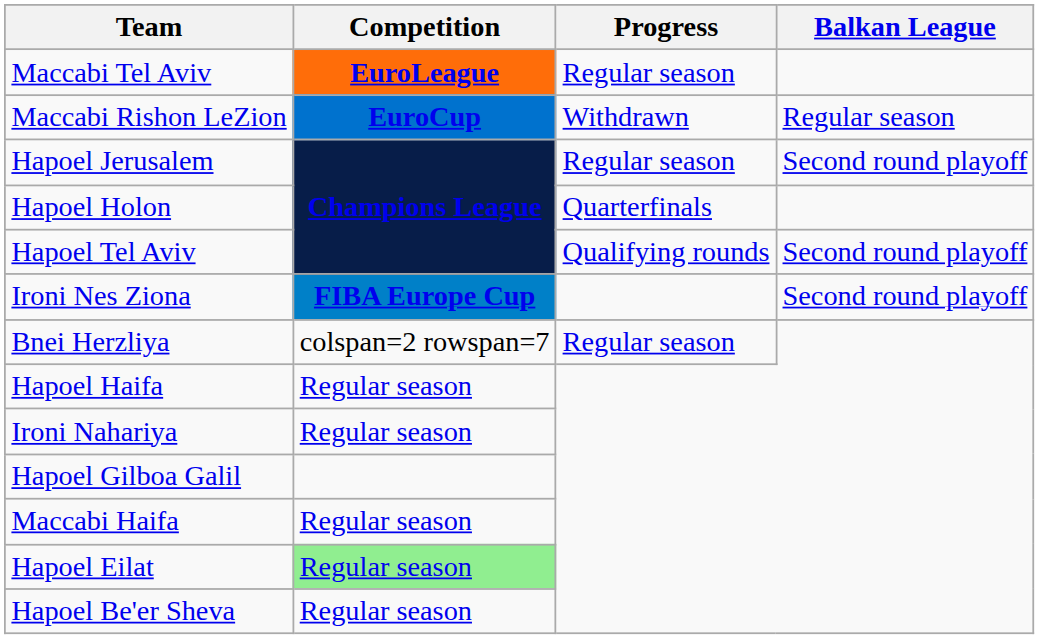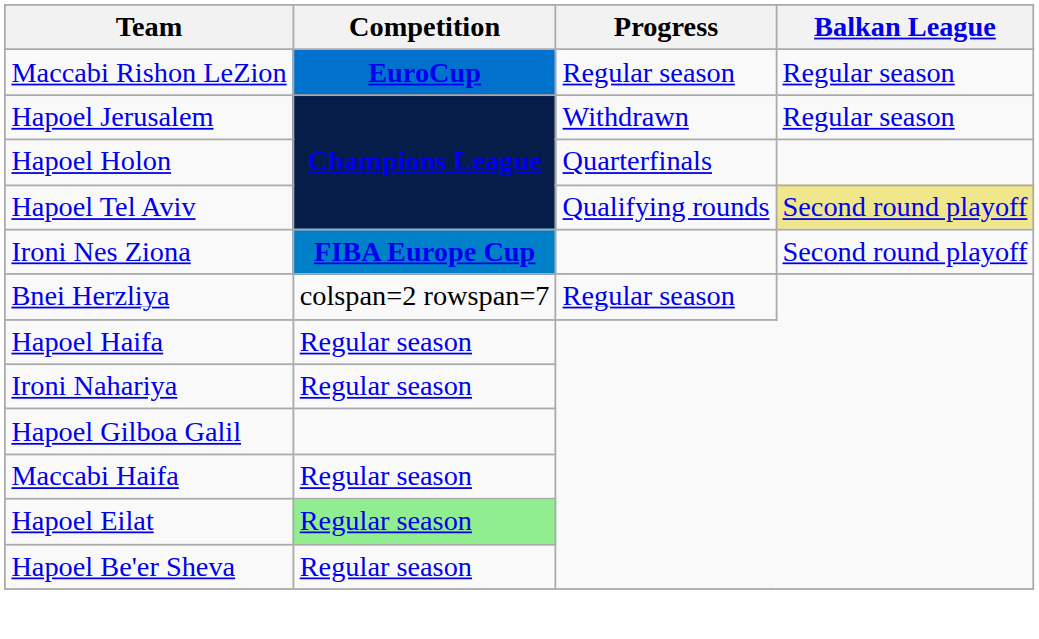 <table class="wikitable sortable">
 <tr>
 <th>Team</th>
 <th>Competition</th>
 <th>Progress</th>
 <th><a href='#'>Balkan League</a></th>
 </tr>
 <tr>
-<td><a href='#'>Maccabi Tel Aviv</a></td>
-<td bgcolor=#ff6d09 align=center><strong><a href='#'><span>EuroLeague</span></a></strong></td>
-<td><a href='#'>Regular season</a></td>
-<td></td>
-</tr>
-<tr>
 <td><a href='#'>Maccabi Rishon LeZion</a></td>
 <td bgcolor=#0072CE align=center><strong><a href='#'><span>EuroCup</span></a></strong></td>
-<td><a href='#'>Withdrawn</a></td>
+<td><a href='#'>Regular season</a></td>
 <td><a href='#'>Regular season</a></td>
 </tr>
 <tr>
 <td><a href='#'>Hapoel Jerusalem</a></td>
 <td rowspan=3 bgcolor=#071D49 align=center><strong><a href='#'><span>Champions League</span></a></strong></td>
+<td><a href='#'>Withdrawn</a></td>
 <td><a href='#'>Regular season</a></td>
-<td><a href='#'>Second round playoff</a></td>
 </tr>
 <tr>
 <td><a href='#'>Hapoel Holon</a></td>
 <td><a href='#'>Quarterfinals</a></td>
 <td></td>
 </tr>
 <tr>
 <td><a href='#'>Hapoel Tel Aviv</a></td>
 <td><a href='#'>Qualifying rounds</a></td>
-<td><a href='#'>Second round playoff</a></td>
+<td style="background: khaki;"><a href='#'>Second round playoff</a></td>
 </tr>
 <tr>
 <td><a href='#'>Ironi Nes Ziona</a></td>
 <td bgcolor=#0080C8 align=center><strong><a href='#'><span>FIBA Europe Cup</span></a></strong></td>
 <td></td>
 <td><a href='#'>Second round playoff</a></td>
 </tr>
 <tr>
 <td><a href='#'>Bnei Herzliya</a></td>
 <td>colspan=2 rowspan=7 </td>
 <td><a href='#'>Regular season</a></td>
 </tr>
 <tr>
 <td><a href='#'>Hapoel Haifa</a></td>
 <td><a href='#'>Regular season</a></td>
 </tr>
 <tr>
 <td><a href='#'>Ironi Nahariya</a></td>
 <td><a href='#'>Regular season</a></td>
 </tr>
 <tr>
 <td><a href='#'>Hapoel Gilboa Galil</a></td>
 <td></td>
 </tr>
 <tr>
 <td><a href='#'>Maccabi Haifa</a></td>
 <td><a href='#'>Regular season</a></td>
 </tr>
 <tr>
 <td><a href='#'>Hapoel Eilat</a></td>
 <td style="background: lightgreen;"><a href='#'>Regular season</a></td>
 </tr>
 <tr>
 <td><a href='#'>Hapoel Be'er Sheva</a></td>
 <td><a href='#'>Regular season</a></td>
 </tr>
 </table>
